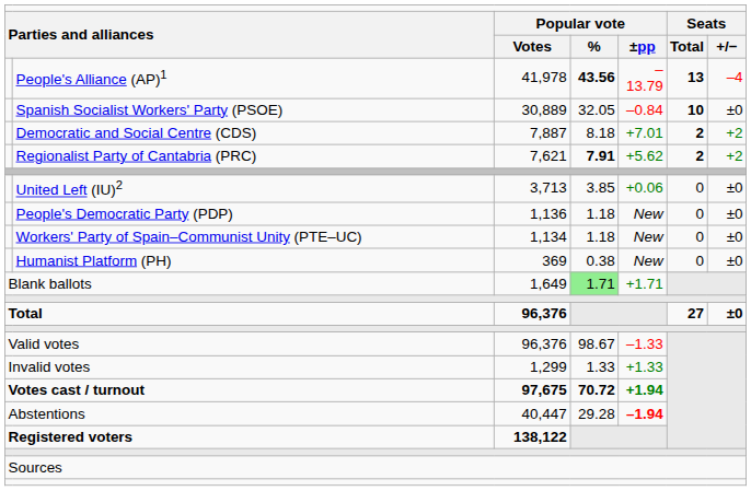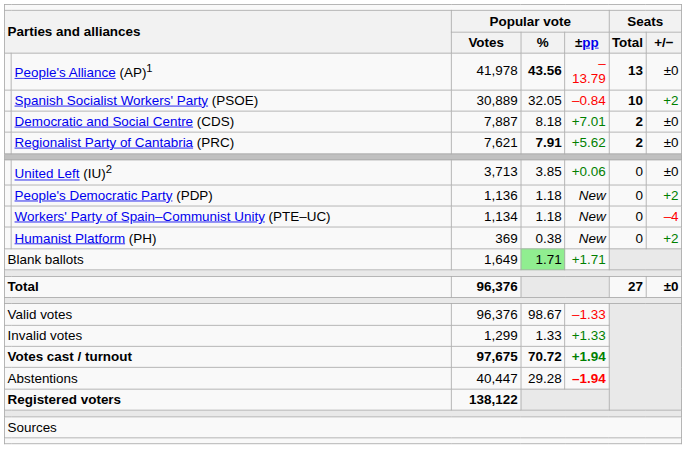 <table class="wikitable" style="text-align:right;">
 <tr>
 <td colspan="7"></td>
 </tr>
 <tr>
 <th style="text-align:left;" rowspan="2" colspan="2" width="525">Parties and alliances</th>
 <th colspan="3">Popular vote</th>
 <th colspan="2">Seats</th>
 </tr>
 <tr>
 <th width="75">Votes</th>
 <th width="45">%</th>
 <th width="45">±<a href='#'>pp</a></th>
 <th width="35">Total</th>
 <th width="35">+/−</th>
 </tr>
 <tr>
 <td width="1" style="color:inherit;background:"></td>
 <td align="left"><a href='#'>People's Alliance</a> (AP)<sup>1</sup></td>
 <td>41,978</td>
 <td><strong>43.56</strong></td>
 <td style="color:red;">–13.79</td>
 <td><strong>13</strong></td>
-<td style="color:red;">–4</td>
+<td>±0</td>
 </tr>
 <tr>
 <td style="color:inherit;background:"></td>
 <td align="left"><a href='#'>Spanish Socialist Workers' Party</a> (PSOE)</td>
 <td>30,889</td>
 <td>32.05</td>
 <td style="color:red;">–0.84</td>
 <td><strong>10</strong></td>
-<td>±0</td>
+<td style="color:green;">+2</td>
 </tr>
 <tr>
 <td style="color:inherit;background:"></td>
 <td align="left"><a href='#'>Democratic and Social Centre</a> (CDS)</td>
 <td>7,887</td>
 <td>8.18</td>
 <td style="color:green;">+7.01</td>
 <td><strong>2</strong></td>
-<td style="color:green;">+2</td>
+<td>±0</td>
 </tr>
 <tr>
 <td style="color:inherit;background:"></td>
 <td align="left"><a href='#'>Regionalist Party of Cantabria</a> (PRC)</td>
 <td>7,621</td>
 <td><strong>7.91</strong></td>
 <td style="color:green;">+5.62</td>
 <td><strong>2</strong></td>
-<td style="color:green;">+2</td>
+<td>±0</td>
 </tr>
 <tr>
 <td colspan="7" bgcolor="#C0C0C0"></td>
 </tr>
 <tr>
 <td style="color:inherit;background:"></td>
 <td align="left"><a href='#'>United Left</a> (IU)<sup>2</sup></td>
 <td>3,713</td>
 <td>3.85</td>
 <td style="color:green;">+0.06</td>
 <td>0</td>
 <td>±0</td>
 </tr>
 <tr>
 <td style="color:inherit;background:"></td>
 <td align="left"><a href='#'>People's Democratic Party</a> (PDP)</td>
 <td>1,136</td>
 <td>1.18</td>
 <td><em>New</em></td>
 <td>0</td>
-<td>±0</td>
+<td style="color:green;">+2</td>
 </tr>
 <tr>
 <td style="color:inherit;background:"></td>
 <td align="left"><a href='#'>Workers' Party of Spain–Communist Unity</a> (PTE–UC)</td>
 <td>1,134</td>
 <td>1.18</td>
 <td><em>New</em></td>
 <td>0</td>
-<td>±0</td>
+<td style="color:red;">–4</td>
 </tr>
 <tr>
 <td style="color:inherit;background:"></td>
 <td align="left"><a href='#'>Humanist Platform</a> (PH)</td>
 <td>369</td>
 <td>0.38</td>
 <td><em>New</em></td>
 <td>0</td>
-<td>±0</td>
+<td style="color:green;">+2</td>
 </tr>
 <tr>
 <td align="left" colspan="2">Blank ballots</td>
 <td>1,649</td>
 <td style="background: lightgreen;">1.71</td>
 <td style="color:green;">+1.71</td>
 <td bgcolor="#E9E9E9" colspan="2"></td>
 </tr>
 <tr>
 <td colspan="7" bgcolor="#E9E9E9"></td>
 </tr>
 <tr style="font-weight:bold;">
 <td align="left" colspan="2">Total</td>
 <td>96,376</td>
 <td bgcolor="#E9E9E9" colspan="2"></td>
 <td>27</td>
 <td>±0</td>
 </tr>
 <tr>
 <td colspan="7" bgcolor="#E9E9E9"></td>
 </tr>
 <tr>
 <td align="left" colspan="2">Valid votes</td>
 <td>96,376</td>
 <td>98.67</td>
 <td style="color:red;">–1.33</td>
 <td bgcolor="#E9E9E9" colspan="2" rowspan="5"></td>
 </tr>
 <tr>
 <td align="left" colspan="2">Invalid votes</td>
 <td>1,299</td>
 <td>1.33</td>
 <td style="color:green;">+1.33</td>
 </tr>
 <tr style="font-weight:bold;">
 <td align="left" colspan="2">Votes cast / turnout</td>
 <td>97,675</td>
 <td>70.72</td>
 <td style="color:green;">+1.94</td>
 </tr>
 <tr>
 <td align="left" colspan="2">Abstentions</td>
 <td>40,447</td>
 <td>29.28</td>
 <td style="color:red;"><strong>–1.94</strong></td>
 </tr>
 <tr style="font-weight:bold;">
 <td align="left" colspan="2">Registered voters</td>
 <td>138,122</td>
 <td bgcolor="#E9E9E9" colspan="2"></td>
 </tr>
 <tr>
 <td colspan="7" bgcolor="#E9E9E9"></td>
 </tr>
 <tr>
 <td align="left" colspan="7">Sources</td>
 </tr>
 <tr>
 <td colspan="7" style="text-align:left; max-width:790px;"></td>
 </tr>
 </table>
